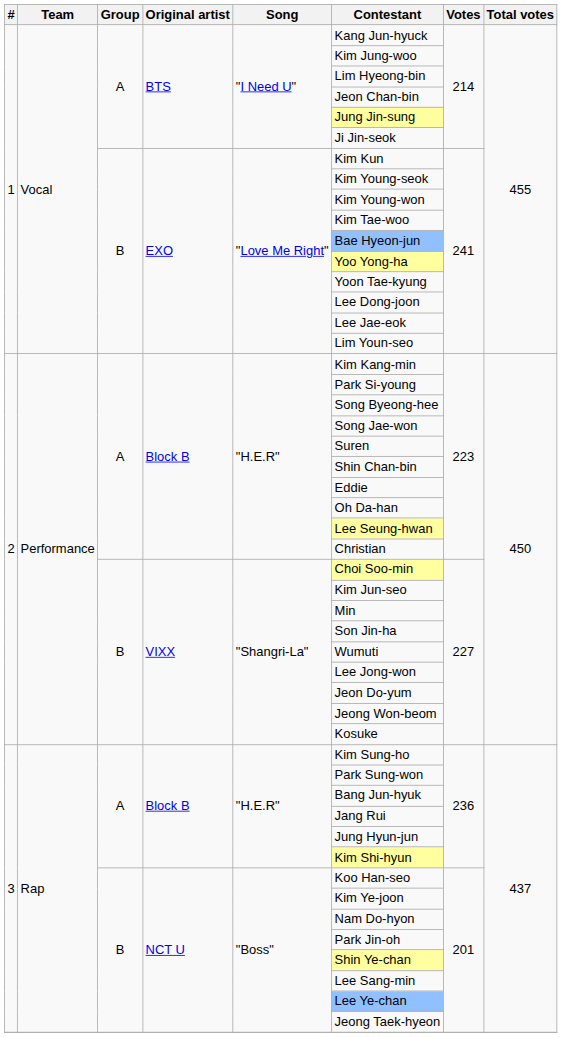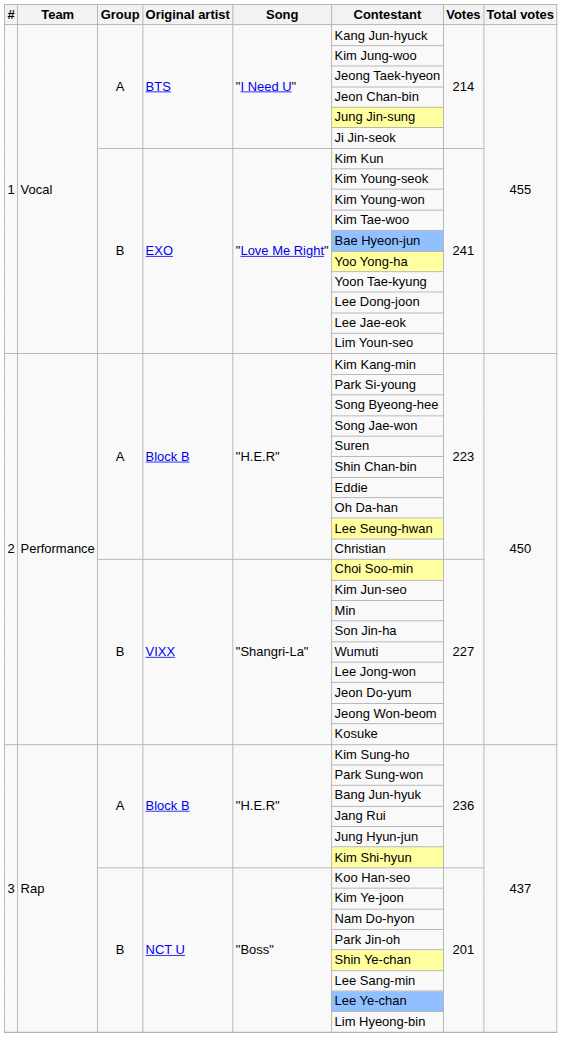 <table class="wikitable sortable" style="text-align:center;">
 <tr>
 <th>#</th>
 <th>Team</th>
 <th>Group</th>
 <th>Original artist</th>
 <th>Song</th>
 <th>Contestant</th>
 <th>Votes</th>
 <th>Total votes</th>
 </tr>
 <tr>
 <td rowspan=16>1</td>
 <td rowspan=16 align=left>Vocal</td>
 <td rowspan=6>A</td>
 <td rowspan=6 align=left><a href='#'>BTS</a></td>
 <td rowspan=6 align=left>"<a href='#'>I Need U</a>"</td>
 <td align=left>Kang Jun-hyuck</td>
 <td rowspan=6>214</td>
 <td rowspan=16>455</td>
 </tr>
 <tr>
 <td align=left>Kim Jung-woo</td>
 </tr>
 <tr>
-<td align=left>Lim Hyeong-bin</td>
+<td align=left>Jeong Taek-hyeon</td>
 </tr>
 <tr>
 <td align=left>Jeon Chan-bin</td>
 </tr>
 <tr>
 <td align=left style=background:#FFFF9F;>Jung Jin-sung</td>
 </tr>
 <tr>
 <td align=left>Ji Jin-seok</td>
 </tr>
 <tr>
 <td rowspan=10>B</td>
 <td rowspan=10 align=left><a href='#'>EXO</a></td>
 <td rowspan=10 align=left>"<a href='#'>Love Me Right</a>"</td>
 <td align=left>Kim Kun</td>
 <td rowspan=10>241</td>
 </tr>
 <tr>
 <td align=left>Kim Young-seok</td>
 </tr>
 <tr>
 <td align=left>Kim Young-won</td>
 </tr>
 <tr>
 <td align=left>Kim Tae-woo</td>
 </tr>
 <tr>
 <td align=left style=background:#90C0FF;>Bae Hyeon-jun</td>
 </tr>
 <tr>
 <td align=left style=background:#FFFF9F;>Yoo Yong-ha</td>
 </tr>
 <tr>
 <td align=left>Yoon Tae-kyung</td>
 </tr>
 <tr>
 <td align=left>Lee Dong-joon</td>
 </tr>
 <tr>
 <td align=left>Lee Jae-eok</td>
 </tr>
 <tr>
 <td align=left>Lim Youn-seo</td>
 </tr>
 <tr>
 <td rowspan=19>2</td>
 <td rowspan=19 align=left>Performance</td>
 <td rowspan=10>A</td>
 <td rowspan=10 align=left><a href='#'>Block B</a></td>
 <td rowspan=10 align=left>"H.E.R"</td>
 <td align=left>Kim Kang-min</td>
 <td rowspan=10>223</td>
 <td rowspan=19>450</td>
 </tr>
 <tr>
 <td align=left>Park Si-young</td>
 </tr>
 <tr>
 <td align=left>Song Byeong-hee</td>
 </tr>
 <tr>
 <td align=left>Song Jae-won</td>
 </tr>
 <tr>
 <td align=left>Suren</td>
 </tr>
 <tr>
 <td align=left>Shin Chan-bin</td>
 </tr>
 <tr>
 <td align=left>Eddie</td>
 </tr>
 <tr>
 <td align=left>Oh Da-han</td>
 </tr>
 <tr>
 <td align=left style=background:#FFFF9F;>Lee Seung-hwan</td>
 </tr>
 <tr>
 <td align=left>Christian</td>
 </tr>
 <tr>
 <td rowspan=9>B</td>
 <td rowspan=9 align=left><a href='#'>VIXX</a></td>
 <td rowspan=9 align=left>"Shangri-La"</td>
 <td align=left style=background:#FFFF9F;>Choi Soo-min</td>
 <td rowspan=9>227</td>
 </tr>
 <tr>
 <td align=left>Kim Jun-seo</td>
 </tr>
 <tr>
 <td align=left>Min</td>
 </tr>
 <tr>
 <td align=left>Son Jin-ha</td>
 </tr>
 <tr>
 <td align=left>Wumuti</td>
 </tr>
 <tr>
 <td align=left>Lee Jong-won</td>
 </tr>
 <tr>
 <td align=left>Jeon Do-yum</td>
 </tr>
 <tr>
 <td align=left>Jeong Won-beom</td>
 </tr>
 <tr>
 <td align=left>Kosuke</td>
 </tr>
 <tr>
 <td rowspan=14>3</td>
 <td rowspan=14 align=left>Rap</td>
 <td rowspan=6>A</td>
 <td rowspan=6 align=left><a href='#'>Block B</a></td>
 <td rowspan=6 align=left>"H.E.R"</td>
 <td align=left>Kim Sung-ho</td>
 <td rowspan=6>236</td>
 <td rowspan=14>437</td>
 </tr>
 <tr>
 <td align=left>Park Sung-won</td>
 </tr>
 <tr>
 <td align=left>Bang Jun-hyuk</td>
 </tr>
 <tr>
 <td align=left>Jang Rui</td>
 </tr>
 <tr>
 <td align=left>Jung Hyun-jun</td>
 </tr>
 <tr>
 <td align=left style=background:#FFFF9F;>Kim Shi-hyun</td>
 </tr>
 <tr>
 <td rowspan=8>B</td>
 <td rowspan=8 align=left><a href='#'>NCT U</a></td>
 <td rowspan=8 align=left>"Boss"</td>
 <td align=left>Koo Han-seo</td>
 <td rowspan=8>201</td>
 </tr>
 <tr>
 <td align=left>Kim Ye-joon</td>
 </tr>
 <tr>
 <td align=left>Nam Do-hyon</td>
 </tr>
 <tr>
 <td align=left>Park Jin-oh</td>
 </tr>
 <tr>
 <td align=left style=background:#FFFF9F;>Shin Ye-chan</td>
 </tr>
 <tr>
 <td align=left>Lee Sang-min</td>
 </tr>
 <tr>
 <td align=left style=background:#90C0FF;>Lee Ye-chan</td>
 </tr>
 <tr>
-<td align=left>Jeong Taek-hyeon</td>
+<td align=left>Lim Hyeong-bin</td>
 </tr>
 <tr>
 </tr>
 </table>
